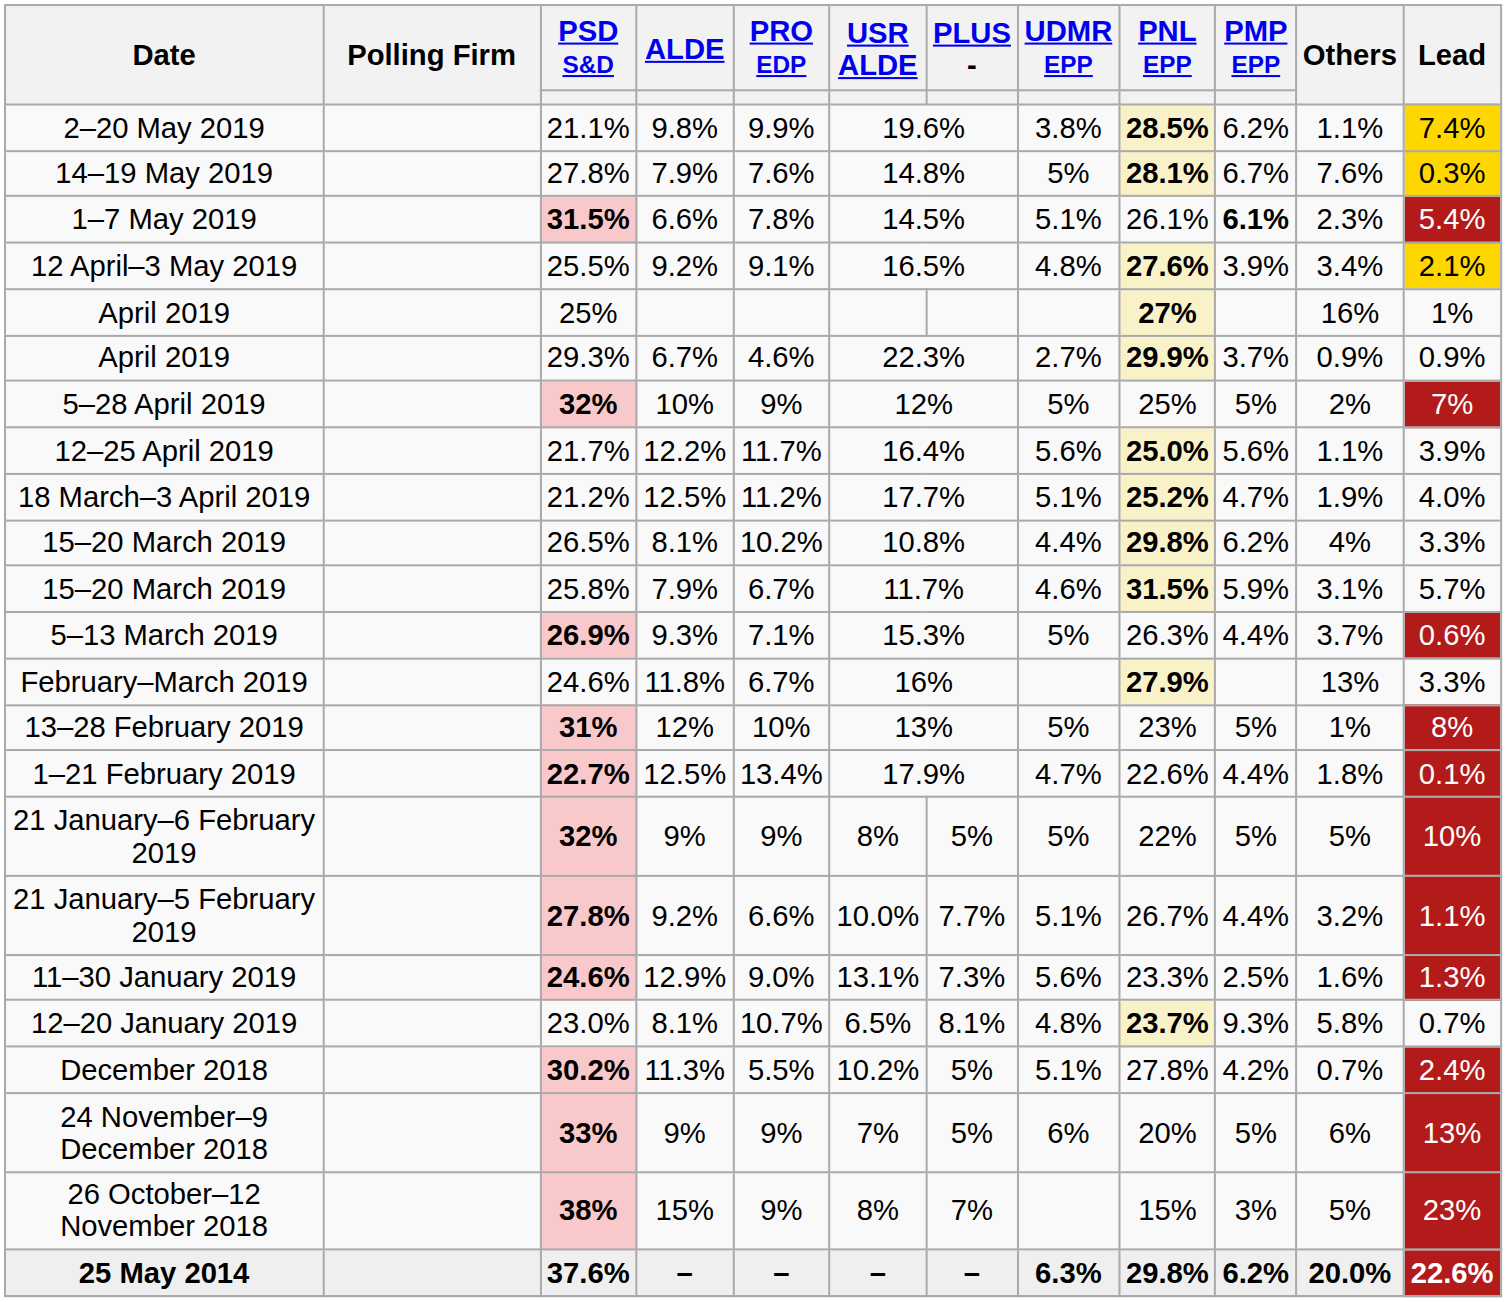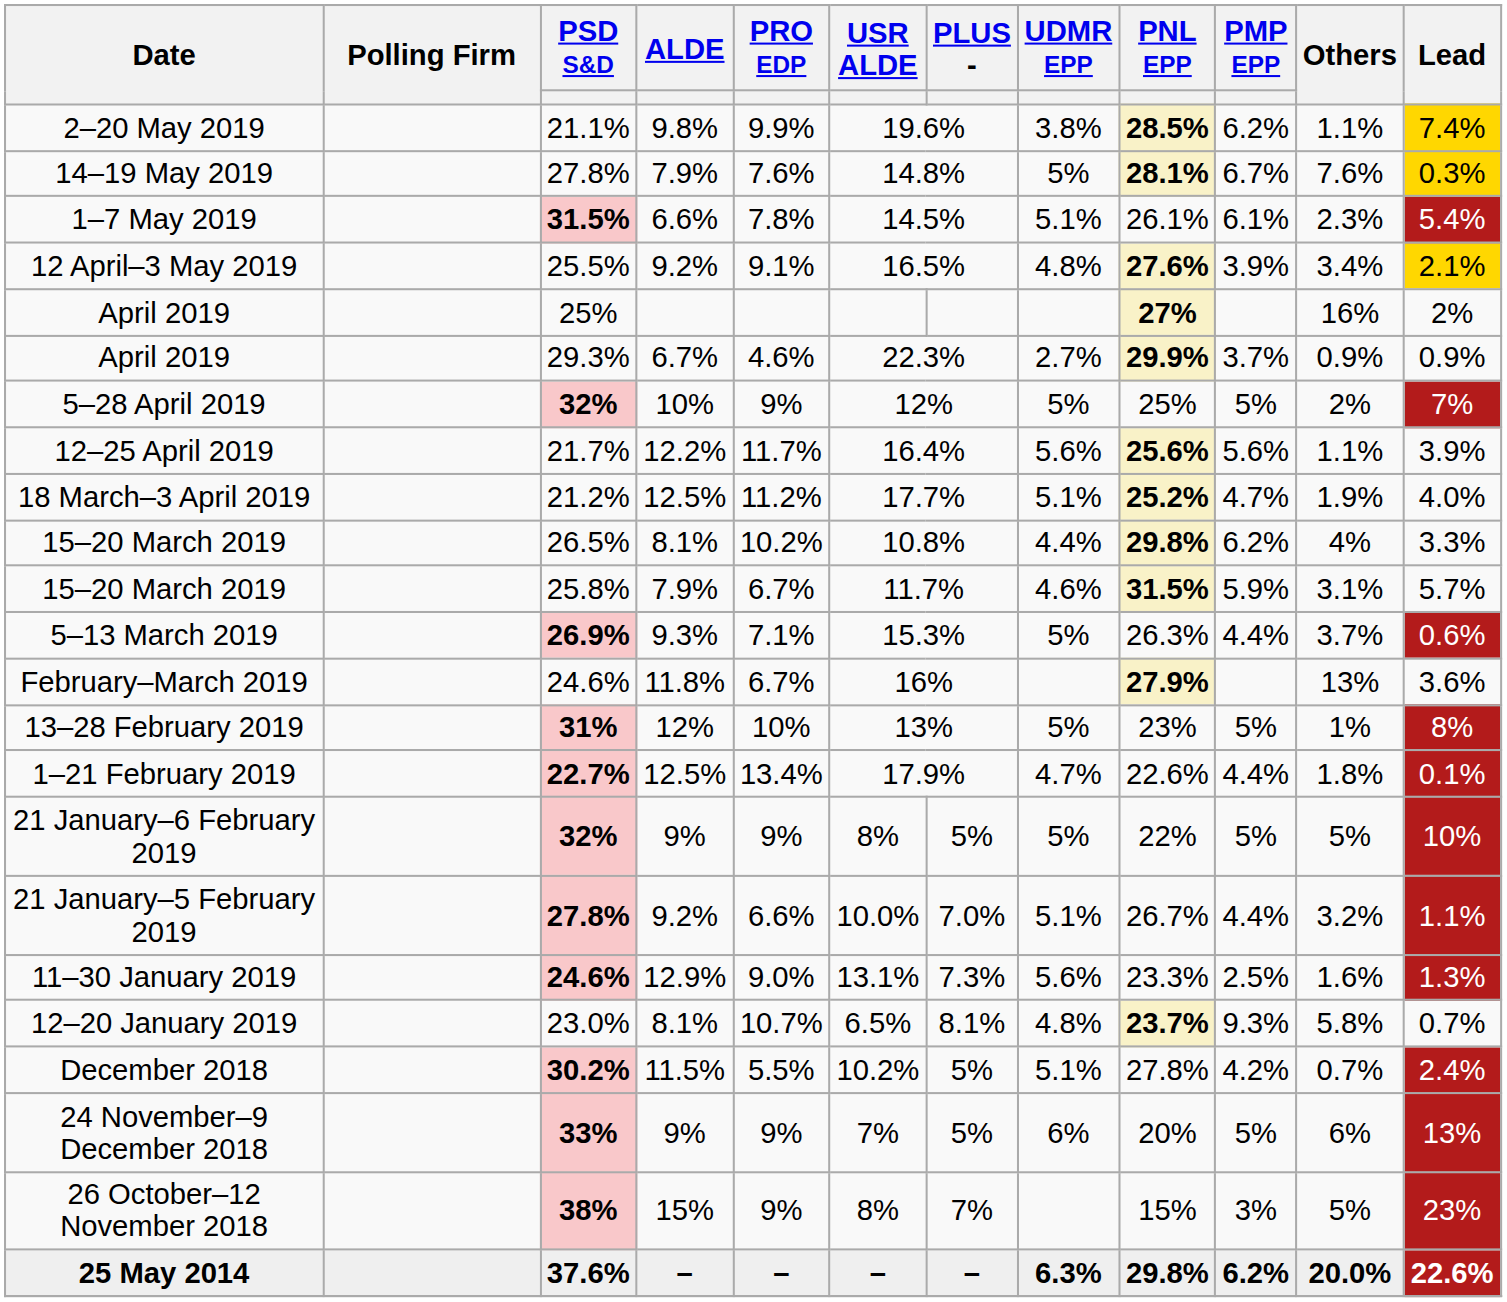 <table class="wikitable sortable " style="text-align:center; font-size:90%; line-height:16px">
 <tr style="height:42px;">
 <th style="width:150px;" rowspan="2">Date</th>
 <th style="width:100px;" rowspan="2">Polling Firm</th>
 <th><a href='#'><span>PSD</span></a><br><small><a href='#'>S&D</a></small></th>
 <th><a href='#'><span>ALDE</span></a><br></th>
 <th><a href='#'><span>PRO</span></a><br><small><a href='#'>EDP</a></small></th>
 <th><a href='#'><span>USR</span></a><br><a href='#'>ALDE</a></th>
 <th><a href='#'><span>PLUS</span></a><br>-</th>
 <th><a href='#'><span>UDMR</span></a><br><small><a href='#'>EPP</a></small></th>
 <th><a href='#'><span>PNL</span></a><br><small><a href='#'>EPP</a></small></th>
 <th><a href='#'><span>PMP</span></a><br><small><a href='#'>EPP</a></small></th>
 <th style="width:40px;" rowspan="2">Others</th>
 <th style="width:40px;" rowspan="2">Lead</th>
 </tr>
 <tr>
 <th style="color:inherit;background:"></th>
 <th style="color:inherit;background:"></th>
 <th style="color:inherit;background:"></th>
 <th style="color:inherit;background:"></th>
 <th style="color:inherit;background:"></th>
 <th style="color:inherit;background:"></th>
 <th style="color:inherit;background:"></th>
 <th style="color:inherit;background:"></th>
 </tr>
 <tr>
 <td>2–20 May 2019</td>
 <td></td>
 <td>21.1%</td>
 <td>9.8%</td>
 <td>9.9%</td>
 <td colspan="2">19.6%</td>
 <td>3.8%</td>
 <td style="background:#f9f2c8"><strong>28.5%</strong></td>
 <td>6.2%</td>
 <td>1.1%</td>
 <td style="background:gold">7.4%</td>
 </tr>
 <tr>
 <td>14–19 May 2019</td>
 <td></td>
 <td>27.8%</td>
 <td>7.9%</td>
 <td>7.6%</td>
 <td colspan="2">14.8%</td>
 <td>5%</td>
 <td style="background:#f9f2c8"><strong>28.1%</strong></td>
 <td>6.7%</td>
 <td>7.6%</td>
 <td style="background:gold">0.3%</td>
 </tr>
 <tr>
 <td>1–7 May 2019</td>
 <td></td>
 <td style="background:#F9C8CA;"><strong>31.5%</strong></td>
 <td>6.6%</td>
 <td>7.8%</td>
 <td colspan="2">14.5%</td>
 <td>5.1%</td>
 <td>26.1%</td>
-<td><strong>6.1%</strong></td>
+<td>6.1%</td>
 <td>2.3%</td>
 <td style="background:#B31B1B; color:white;">5.4%</td>
 </tr>
 <tr>
 <td>12 April–3 May 2019</td>
 <td></td>
 <td>25.5%</td>
 <td>9.2%</td>
 <td>9.1%</td>
 <td colspan="2">16.5%</td>
 <td>4.8%</td>
 <td style="background:#f9f2c8"><strong>27.6%</strong></td>
 <td>3.9%</td>
 <td>3.4%</td>
 <td style="background:gold">2.1%</td>
 </tr>
 <tr>
 <td>April 2019</td>
 <td></td>
 <td>25%</td>
 <td></td>
 <td></td>
 <td></td>
 <td></td>
 <td></td>
 <td style="background:#f9f2c8"><strong>27%</strong></td>
 <td></td>
 <td>16%</td>
-<td style="background:">1%</td>
+<td style="background:">2%</td>
 </tr>
 <tr>
 <td>April 2019</td>
 <td></td>
 <td>29.3%</td>
 <td>6.7%</td>
 <td>4.6%</td>
 <td colspan="2">22.3%</td>
 <td>2.7%</td>
 <td style="background:#f9f2c8"><strong>29.9%</strong></td>
 <td>3.7%</td>
 <td>0.9%</td>
 <td style="background:">0.9%</td>
 </tr>
 <tr>
 <td>5–28 April 2019</td>
 <td></td>
 <td style="background:#F9C8CA;"><strong>32%</strong></td>
 <td>10%</td>
 <td>9%</td>
 <td colspan="2">12%</td>
 <td>5%</td>
 <td>25%</td>
 <td>5%</td>
 <td>2%</td>
 <td style="background:#B31B1B; color:white;">7%</td>
 </tr>
 <tr>
 <td>12–25 April 2019</td>
 <td></td>
 <td>21.7%</td>
 <td>12.2%</td>
 <td>11.7%</td>
 <td colspan="2">16.4%</td>
 <td>5.6%</td>
-<td style="background:#f9f2c8"><strong>25.0%</strong></td>
+<td style="background:#f9f2c8"><strong>25.6%</strong></td>
 <td>5.6%</td>
 <td>1.1%</td>
 <td style="background:">3.9%</td>
 </tr>
 <tr>
 <td>18 March–3 April 2019</td>
 <td></td>
 <td>21.2%</td>
 <td>12.5%</td>
 <td>11.2%</td>
 <td colspan="2">17.7%</td>
 <td>5.1%</td>
 <td style="background:#f9f2c8"><strong>25.2%</strong></td>
 <td>4.7%</td>
 <td>1.9%</td>
 <td style="background:">4.0%</td>
 </tr>
 <tr>
 <td>15–20 March 2019</td>
 <td></td>
 <td>26.5%</td>
 <td>8.1%</td>
 <td>10.2%</td>
 <td colspan="2">10.8%</td>
 <td>4.4%</td>
 <td style="background:#f9f2c8"><strong>29.8%</strong></td>
 <td>6.2%</td>
 <td>4%</td>
 <td style="background:">3.3%</td>
 </tr>
 <tr>
 <td>15–20 March 2019</td>
 <td></td>
 <td>25.8%</td>
 <td>7.9%</td>
 <td>6.7%</td>
 <td colspan="2">11.7%</td>
 <td>4.6%</td>
 <td style="background:#f9f2c8"><strong>31.5%</strong></td>
 <td>5.9%</td>
 <td>3.1%</td>
 <td style="background:">5.7%</td>
 </tr>
 <tr>
 <td>5–13 March 2019</td>
 <td></td>
 <td style="background:#F9C8CA;"><strong>26.9%</strong></td>
 <td>9.3%</td>
 <td>7.1%</td>
 <td colspan="2">15.3%</td>
 <td>5%</td>
 <td>26.3%</td>
 <td>4.4%</td>
 <td>3.7%</td>
 <td style="background:#B31B1B; color:white;">0.6%</td>
 </tr>
 <tr>
 <td>February–March 2019</td>
 <td></td>
 <td>24.6%</td>
 <td>11.8%</td>
 <td>6.7%</td>
 <td colspan="2">16%</td>
 <td></td>
 <td style="background:#f9f2c8"><strong>27.9%</strong></td>
 <td></td>
 <td>13%</td>
-<td style="background:">3.3%</td>
+<td style="background:">3.6%</td>
 </tr>
 <tr>
 <td>13–28 February 2019</td>
 <td></td>
 <td style="background:#F9C8CA;"><strong>31%</strong></td>
 <td>12%</td>
 <td>10%</td>
 <td colspan="2">13%</td>
 <td>5%</td>
 <td>23%</td>
 <td>5%</td>
 <td>1%</td>
 <td style="background:#B31B1B; color:white;">8%</td>
 </tr>
 <tr>
 <td>1–21 February 2019</td>
 <td></td>
 <td style="background:#F9C8CA;"><strong>22.7%</strong></td>
 <td>12.5%</td>
 <td>13.4%</td>
 <td colspan="2">17.9%</td>
 <td>4.7%</td>
 <td>22.6%</td>
 <td>4.4%</td>
 <td>1.8%</td>
 <td style="background:#B31B1B; color:white;">0.1%</td>
 </tr>
 <tr>
 <td>21 January–6 February 2019</td>
 <td></td>
 <td style="background:#F9C8CA;"><strong>32%</strong></td>
 <td>9%</td>
 <td>9%</td>
 <td>8%</td>
 <td>5%</td>
 <td>5%</td>
 <td>22%</td>
 <td>5%</td>
 <td>5%</td>
 <td style="background:#B31B1B; color:white;">10%</td>
 </tr>
 <tr>
 <td>21 January–5 February 2019</td>
 <td></td>
 <td style="background:#F9C8CA;"><strong>27.8%</strong></td>
 <td>9.2%</td>
 <td>6.6%</td>
 <td>10.0%</td>
-<td>7.7%</td>
+<td>7.0%</td>
 <td>5.1%</td>
 <td>26.7%</td>
 <td>4.4%</td>
 <td>3.2%</td>
 <td style="background:#B31B1B; color:white;">1.1%</td>
 </tr>
 <tr>
 <td>11–30 January 2019</td>
 <td></td>
 <td style="background:#F9C8CA;"><strong>24.6%</strong></td>
 <td>12.9%</td>
 <td>9.0%</td>
 <td>13.1%</td>
 <td>7.3%</td>
 <td>5.6%</td>
 <td>23.3%</td>
 <td>2.5%</td>
 <td>1.6%</td>
 <td style="background:#B31B1B; color:white;">1.3%</td>
 </tr>
 <tr>
 <td>12–20 January 2019</td>
 <td></td>
 <td>23.0%</td>
 <td>8.1%</td>
 <td>10.7%</td>
 <td>6.5%</td>
 <td>8.1%</td>
 <td>4.8%</td>
 <td style="background:#f9f2c8"><strong>23.7%</strong></td>
 <td>9.3%</td>
 <td>5.8%</td>
 <td style="background:">0.7%</td>
 </tr>
 <tr>
 <td>December 2018</td>
 <td></td>
 <td style="background:#F9C8CA;"><strong>30.2%</strong></td>
-<td>11.3%</td>
+<td>11.5%</td>
 <td>5.5%</td>
 <td>10.2%</td>
 <td>5%</td>
 <td>5.1%</td>
 <td>27.8%</td>
 <td>4.2%</td>
 <td>0.7%</td>
 <td style="background:#B31B1B; color:white;">2.4%</td>
 </tr>
 <tr>
 <td>24 November–9 December 2018</td>
 <td></td>
 <td style="background:#F9C8CA;"><strong>33%</strong></td>
 <td>9%</td>
 <td>9%</td>
 <td>7%</td>
 <td>5%</td>
 <td>6%</td>
 <td>20%</td>
 <td>5%</td>
 <td>6%</td>
 <td style="background:#B31B1B; color:white;">13%</td>
 </tr>
 <tr>
 <td>26 October–12 November 2018</td>
 <td></td>
 <td style="background:#F9C8CA;"><strong>38%</strong></td>
 <td>15%</td>
 <td>9%</td>
 <td>8%</td>
 <td>7%</td>
 <td></td>
 <td>15%</td>
 <td>3%</td>
 <td>5%</td>
 <td style="background:#B31B1B; color:white;">23%</td>
 </tr>
 <tr style="background:#EFEFEF; font-weight:bold;">
 <td>25 May 2014</td>
 <td></td>
 <td><strong>37.6%</strong></td>
 <td>–</td>
 <td>–</td>
 <td>–</td>
 <td>–</td>
 <td>6.3%</td>
 <td>29.8%</td>
 <td>6.2%</td>
 <td>20.0%</td>
 <td style="background:#B31B1B; color:white;">22.6%</td>
 </tr>
 <tr>
 </tr>
 </table>
